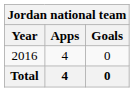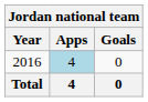 <table class="wikitable" style="text-align:center">
 <tr>
 <th colspan=3>Jordan national team</th>
 </tr>
 <tr>
 <th>Year</th>
 <th>Apps</th>
 <th>Goals</th>
 </tr>
 <tr>
 <td>2016</td>
-<td>4</td>
+<td style="background: lightblue;">4</td>
 <td>0</td>
 </tr>
 <tr>
 <th>Total</th>
 <th>4</th>
 <th>0</th>
 </tr>
 </table>
